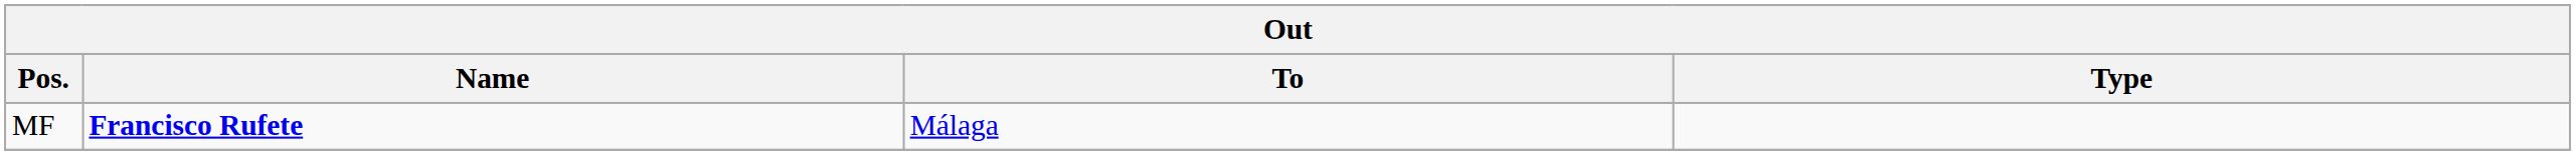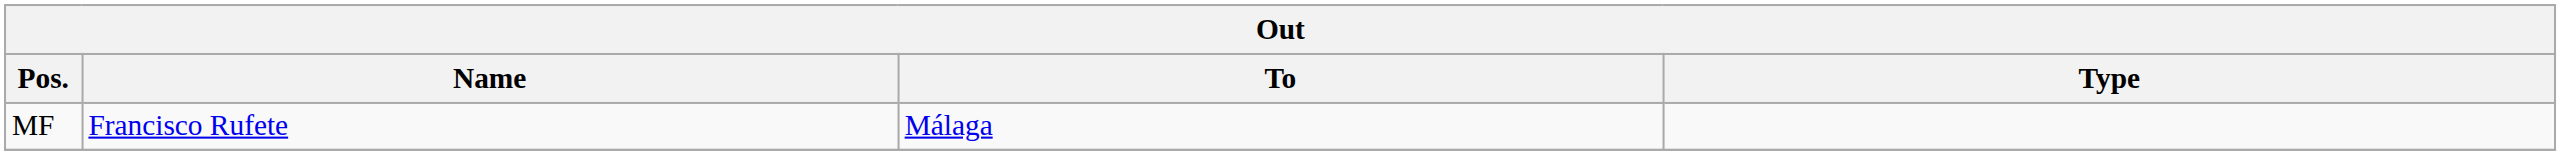 <table class="wikitable" style="font-size:90%;width:99%;">
 <tr>
 <th colspan="4">Out</th>
 </tr>
 <tr>
 <th width=3%>Pos.</th>
 <th width=32%>Name</th>
 <th width=30%>To</th>
 <th width=35%>Type</th>
 </tr>
 <tr>
 <td>MF</td>
-<td><strong><a href='#'>Francisco Rufete</a></strong></td>
+<td><a href='#'>Francisco Rufete</a></td>
 <td><a href='#'>Málaga</a></td>
 <td></td>
 </tr>
 <tr>
 </tr>
 </table>
